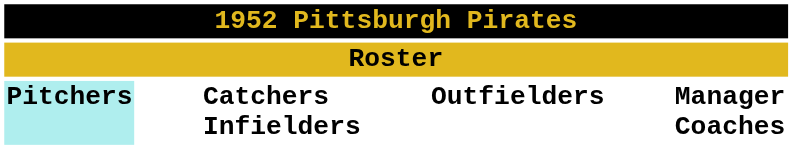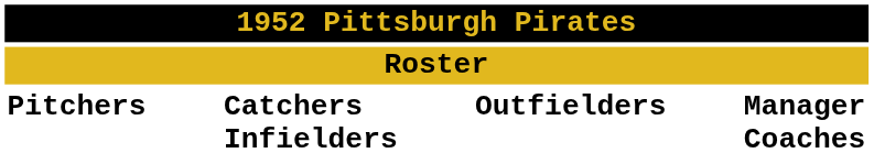 <table class="toccolours" style="font-size: 95%;">
 <tr>
 <th colspan="10" style="background-color: black; color: #e1b81e; text-align: center;">1952 Pittsburgh Pirates</th>
 </tr>
 <tr>
 <td colspan="10" style="background-color: #e1b81e; color: black; text-align: center;"><strong>Roster</strong></td>
 </tr>
 <tr>
-<td valign="top" style="background: paleturquoise;"><strong>Pitchers</strong><br>                   </td>
+<td valign="top"><strong>Pitchers</strong><br>                   </td>
 <td width="25px"></td>
 <td valign="top"><strong>Catchers</strong><br>    <strong>Infielders</strong>           </td>
 <td width="25px"></td>
 <td valign="top"><strong>Outfielders</strong><br>         </td>
 <td width="25px"></td>
 <td valign="top"><strong>Manager</strong><br> <strong>Coaches</strong>    </td>
 </tr>
 </table>
